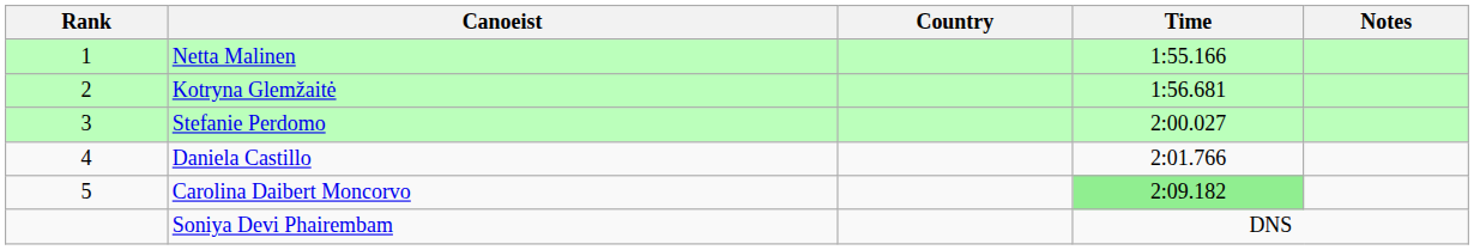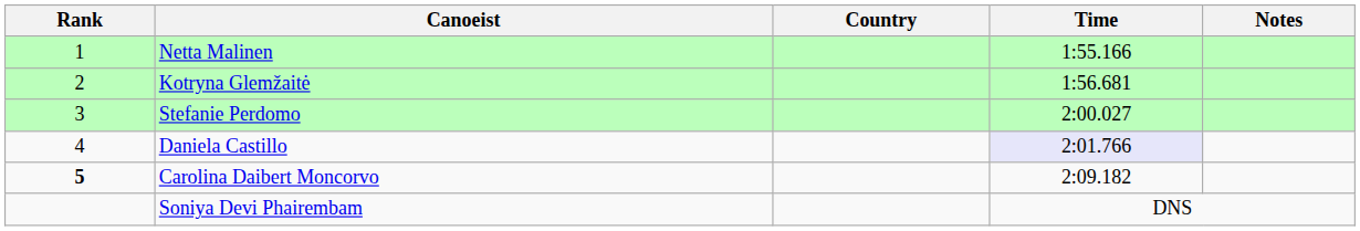 <table class="wikitable" style="text-align:center;width: 55%">
 <tr>
 <th>Rank</th>
 <th>Canoeist</th>
 <th>Country</th>
 <th>Time</th>
 <th>Notes</th>
 </tr>
 <tr bgcolor=bbffbb>
 <td>1</td>
 <td align="left"><a href='#'>Netta Malinen</a></td>
 <td align="left"></td>
 <td>1:55.166</td>
 <td></td>
 </tr>
 <tr bgcolor=bbffbb>
 <td>2</td>
 <td align="left"><a href='#'>Kotryna Glemžaitė</a></td>
 <td align="left"></td>
 <td>1:56.681</td>
 <td></td>
 </tr>
 <tr bgcolor=bbffbb>
 <td>3</td>
 <td align="left"><a href='#'>Stefanie Perdomo</a></td>
 <td align="left"></td>
 <td>2:00.027</td>
 <td></td>
 </tr>
 <tr>
 <td>4</td>
 <td align="left"><a href='#'>Daniela Castillo</a></td>
 <td align="left"></td>
-<td>2:01.766</td>
+<td style="background: lavender;">2:01.766</td>
 <td></td>
 </tr>
 <tr>
-<td>5</td>
+<td><strong>5</strong></td>
 <td align="left"><a href='#'>Carolina Daibert Moncorvo</a></td>
 <td align="left"></td>
-<td style="background: lightgreen;">2:09.182</td>
+<td>2:09.182</td>
 <td></td>
 </tr>
 <tr>
 <td></td>
 <td align="left"><a href='#'>Soniya Devi Phairembam</a></td>
 <td align="left"></td>
 <td colspan=2>DNS</td>
 </tr>
 </table>
